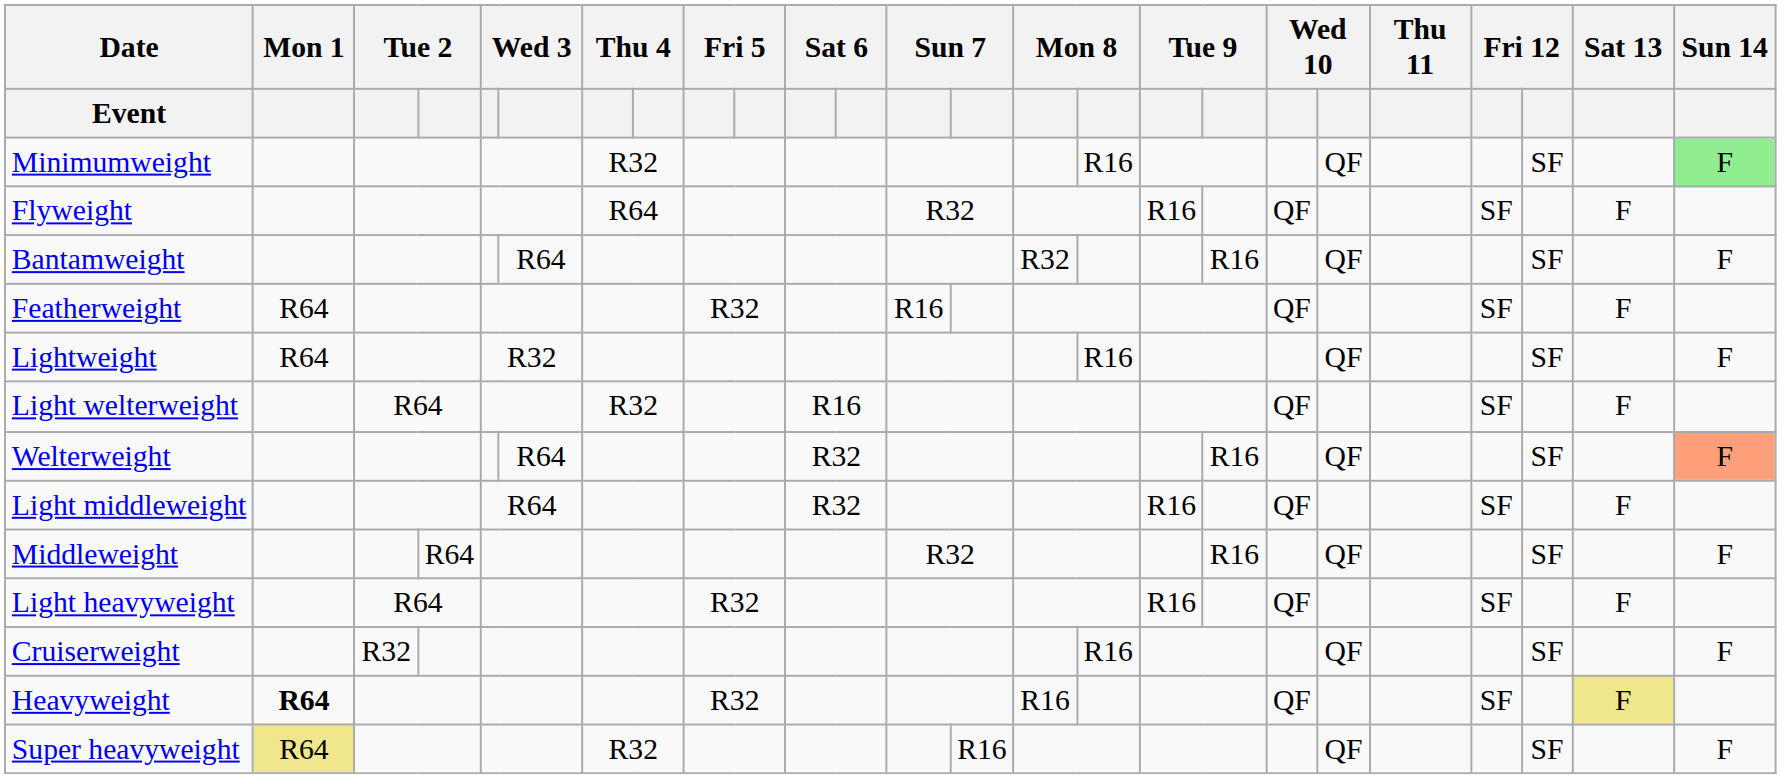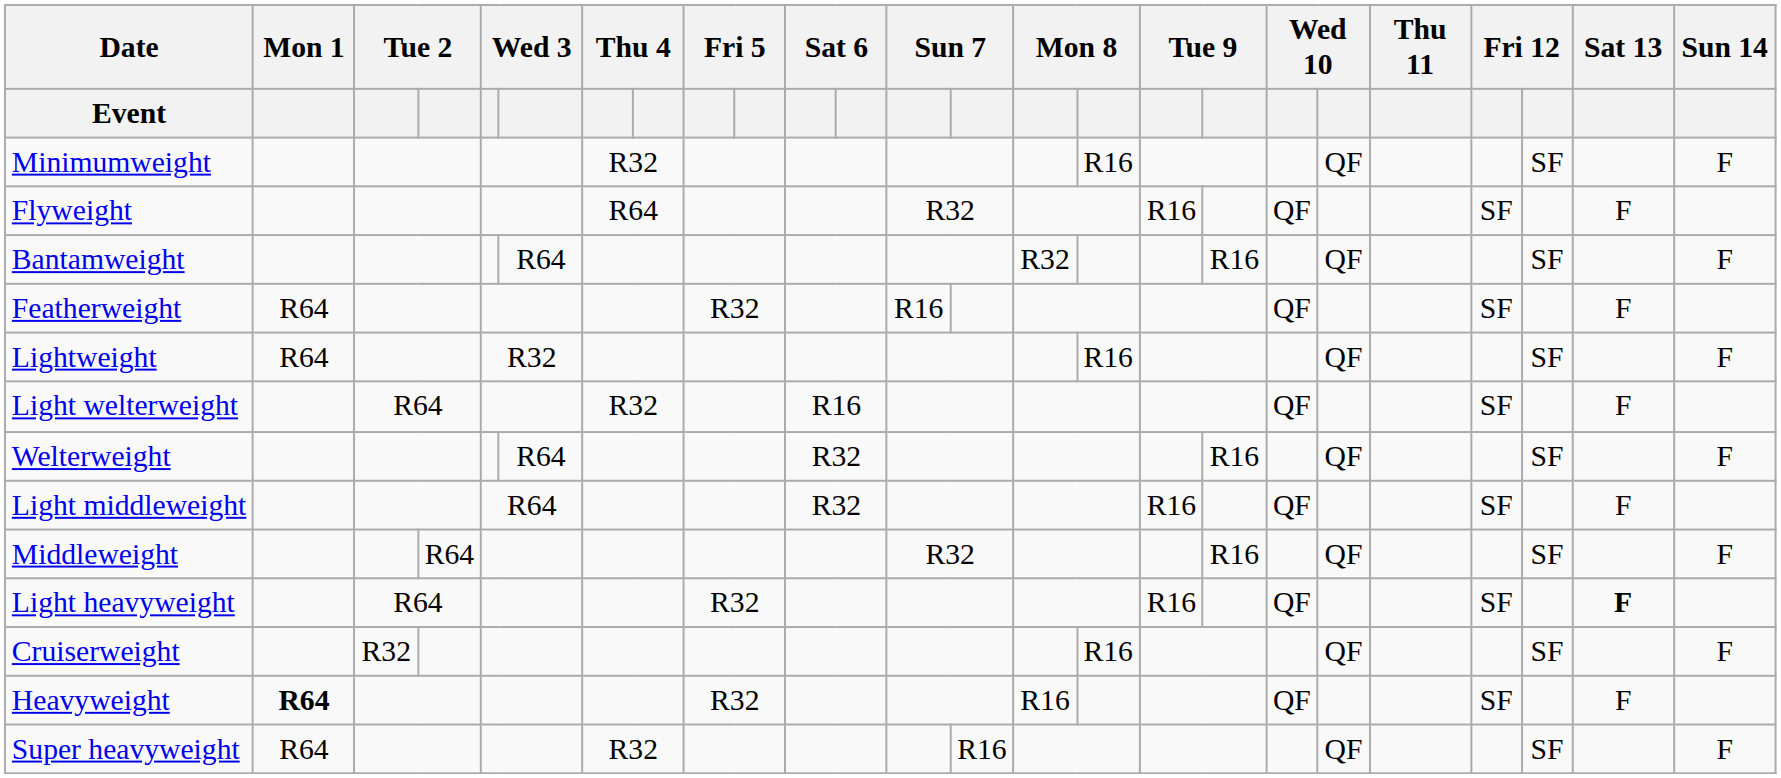 <table class="wikitable" style="text-align:center; font-size:95%">
 <tr>
 <th>Date</th>
 <th width=45>Mon 1</th>
 <th colspan=2 width=45>Tue 2</th>
 <th colspan=2 width=45>Wed 3</th>
 <th colspan=2 width=45>Thu 4</th>
 <th colspan=2 width=45>Fri 5</th>
 <th colspan=2 width=45>Sat 6</th>
 <th colspan=2 width=45>Sun 7</th>
 <th colspan=2 width=45>Mon 8</th>
 <th colspan=2 width=45>Tue 9</th>
 <th colspan=2 width=45>Wed 10</th>
 <th width=45>Thu 11</th>
 <th colspan=2 width=45>Fri 12</th>
 <th width=45>Sat 13</th>
 <th width=45>Sun 14</th>
 </tr>
 <tr>
 <th>Event</th>
 <th></th>
 <th></th>
 <th></th>
 <th></th>
 <th></th>
 <th></th>
 <th></th>
 <th></th>
 <th></th>
 <th></th>
 <th></th>
 <th></th>
 <th></th>
 <th></th>
 <th></th>
 <th></th>
 <th></th>
 <th></th>
 <th></th>
 <th></th>
 <th></th>
 <th></th>
 <th></th>
 <th></th>
 </tr>
 <tr>
 <td align=left><a href='#'>Minimumweight</a></td>
 <td></td>
 <td colspan=2></td>
 <td colspan=2></td>
 <td colspan=2>R32</td>
 <td colspan=2></td>
 <td colspan=2></td>
 <td colspan=2></td>
 <td></td>
 <td>R16</td>
 <td colspan=2></td>
 <td></td>
 <td>QF</td>
 <td></td>
 <td></td>
 <td>SF</td>
 <td></td>
-<td style="background: lightgreen;">F</td>
+<td>F</td>
 </tr>
 <tr>
 <td align=left><a href='#'>Flyweight</a></td>
 <td></td>
 <td colspan=2></td>
 <td colspan=2></td>
 <td colspan=2>R64</td>
 <td colspan=2></td>
 <td colspan=2></td>
 <td colspan=2>R32</td>
 <td colspan=2></td>
 <td>R16</td>
 <td></td>
 <td>QF</td>
 <td></td>
 <td></td>
 <td>SF</td>
 <td></td>
 <td>F</td>
 <td></td>
 </tr>
 <tr>
 <td align=left><a href='#'>Bantamweight</a></td>
 <td></td>
 <td colspan=2></td>
 <td></td>
 <td>R64</td>
 <td colspan=2></td>
 <td colspan=2></td>
 <td colspan=2></td>
 <td colspan=2></td>
 <td>R32</td>
 <td></td>
 <td></td>
 <td>R16</td>
 <td></td>
 <td>QF</td>
 <td></td>
 <td></td>
 <td>SF</td>
 <td></td>
 <td>F</td>
 </tr>
 <tr>
 <td align=left><a href='#'>Featherweight</a></td>
 <td>R64</td>
 <td colspan=2></td>
 <td colspan=2></td>
 <td colspan=2></td>
 <td colspan=2>R32</td>
 <td colspan=2></td>
 <td>R16</td>
 <td></td>
 <td colspan=2></td>
 <td colspan=2></td>
 <td>QF</td>
 <td></td>
 <td></td>
 <td>SF</td>
 <td></td>
 <td>F</td>
 <td></td>
 </tr>
 <tr>
 <td align=left><a href='#'>Lightweight</a></td>
 <td>R64</td>
 <td colspan=2></td>
 <td colspan=2>R32</td>
 <td colspan=2></td>
 <td colspan=2></td>
 <td colspan=2></td>
 <td colspan=2></td>
 <td></td>
 <td>R16</td>
 <td colspan=2></td>
 <td></td>
 <td>QF</td>
 <td></td>
 <td></td>
 <td>SF</td>
 <td></td>
 <td>F</td>
 </tr>
 <tr>
 <td align=left><a href='#'>Light welterweight</a></td>
 <td></td>
 <td colspan=2>R64</td>
 <td colspan=2></td>
 <td colspan=2>R32</td>
 <td colspan=2></td>
 <td colspan=2>R16</td>
 <td colspan=2></td>
 <td colspan=2></td>
 <td colspan=2></td>
 <td>QF</td>
 <td></td>
 <td></td>
 <td>SF</td>
 <td></td>
 <td>F</td>
 <td></td>
 </tr>
 <tr>
 <td align=left><a href='#'>Welterweight</a></td>
 <td></td>
 <td colspan=2></td>
 <td></td>
 <td>R64</td>
 <td colspan=2></td>
 <td colspan=2></td>
 <td colspan=2>R32</td>
 <td colspan=2></td>
 <td colspan=2></td>
 <td></td>
 <td>R16</td>
 <td></td>
 <td>QF</td>
 <td></td>
 <td></td>
 <td>SF</td>
 <td></td>
-<td style="background: lightsalmon;">F</td>
+<td>F</td>
 </tr>
 <tr>
 <td align=left><a href='#'>Light middleweight</a></td>
 <td></td>
 <td colspan=2></td>
 <td colspan=2>R64</td>
 <td colspan=2></td>
 <td colspan=2></td>
 <td colspan=2>R32</td>
 <td colspan=2></td>
 <td colspan=2></td>
 <td>R16</td>
 <td></td>
 <td>QF</td>
 <td></td>
 <td></td>
 <td>SF</td>
 <td></td>
 <td>F</td>
 <td></td>
 </tr>
 <tr>
 <td align=left><a href='#'>Middleweight</a></td>
 <td></td>
 <td></td>
 <td>R64</td>
 <td colspan=2></td>
 <td colspan=2></td>
 <td colspan=2></td>
 <td colspan=2></td>
 <td colspan=2>R32</td>
 <td colspan=2></td>
 <td></td>
 <td>R16</td>
 <td></td>
 <td>QF</td>
 <td></td>
 <td></td>
 <td>SF</td>
 <td></td>
 <td>F</td>
 </tr>
 <tr>
 <td align=left><a href='#'>Light heavyweight</a></td>
 <td></td>
 <td colspan=2>R64</td>
 <td colspan=2></td>
 <td colspan=2></td>
 <td colspan=2>R32</td>
 <td colspan=2></td>
 <td colspan=2></td>
 <td colspan=2></td>
 <td>R16</td>
 <td></td>
 <td>QF</td>
 <td></td>
 <td></td>
 <td>SF</td>
 <td></td>
-<td>F</td>
+<td><strong>F</strong></td>
 <td></td>
 </tr>
 <tr>
 <td align=left><a href='#'>Cruiserweight</a></td>
 <td></td>
 <td>R32</td>
 <td></td>
 <td colspan=2></td>
 <td colspan=2></td>
 <td colspan=2></td>
 <td colspan=2></td>
 <td colspan=2></td>
 <td></td>
 <td>R16</td>
 <td colspan=2></td>
 <td></td>
 <td>QF</td>
 <td></td>
 <td></td>
 <td>SF</td>
 <td></td>
 <td>F</td>
 </tr>
 <tr>
 <td align=left><a href='#'>Heavyweight</a></td>
 <td><strong>R64</strong></td>
 <td colspan=2></td>
 <td colspan=2></td>
 <td colspan=2></td>
 <td colspan=2>R32</td>
 <td colspan=2></td>
 <td colspan=2></td>
 <td>R16</td>
 <td></td>
 <td colspan=2></td>
 <td>QF</td>
 <td></td>
 <td></td>
 <td>SF</td>
 <td></td>
-<td style="background: khaki;">F</td>
+<td>F</td>
 <td></td>
 </tr>
 <tr>
 <td align=left><a href='#'>Super heavyweight</a></td>
-<td style="background: khaki;">R64</td>
+<td>R64</td>
 <td colspan=2></td>
 <td colspan=2></td>
 <td colspan=2>R32</td>
 <td colspan=2></td>
 <td colspan=2></td>
 <td></td>
 <td>R16</td>
 <td colspan=2></td>
 <td colspan=2></td>
 <td></td>
 <td>QF</td>
 <td></td>
 <td></td>
 <td>SF</td>
 <td></td>
 <td>F</td>
 </tr>
 </table>
